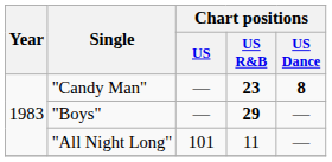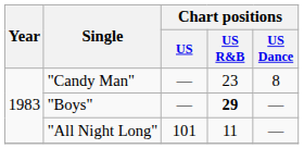 <table class="wikitable" style="text-align:center;">
 <tr>
 <th rowspan="2">Year</th>
 <th rowspan="2">Single</th>
 <th colspan="3">Chart positions</th>
 </tr>
 <tr style="font-size:smaller;">
 <th width="40"><a href='#'>US</a></th>
 <th width="40"><a href='#'>US<br>R&B</a></th>
 <th width="40"><a href='#'>US<br>Dance</a></th>
 </tr>
 <tr>
 <td rowspan="3">1983</td>
 <td align="left">"Candy Man"</td>
 <td>—</td>
-<td><strong>23</strong></td>
-<td><strong>8</strong></td>
+<td>23</td>
+<td>8</td>
 </tr>
 <tr>
 <td align="left">"Boys"</td>
 <td>—</td>
 <td><strong>29</strong></td>
 <td>—</td>
 </tr>
 <tr>
 <td align="left">"All Night Long"</td>
 <td>101</td>
 <td>11</td>
 <td>—</td>
 </tr>
 <tr>
 </tr>
 </table>
